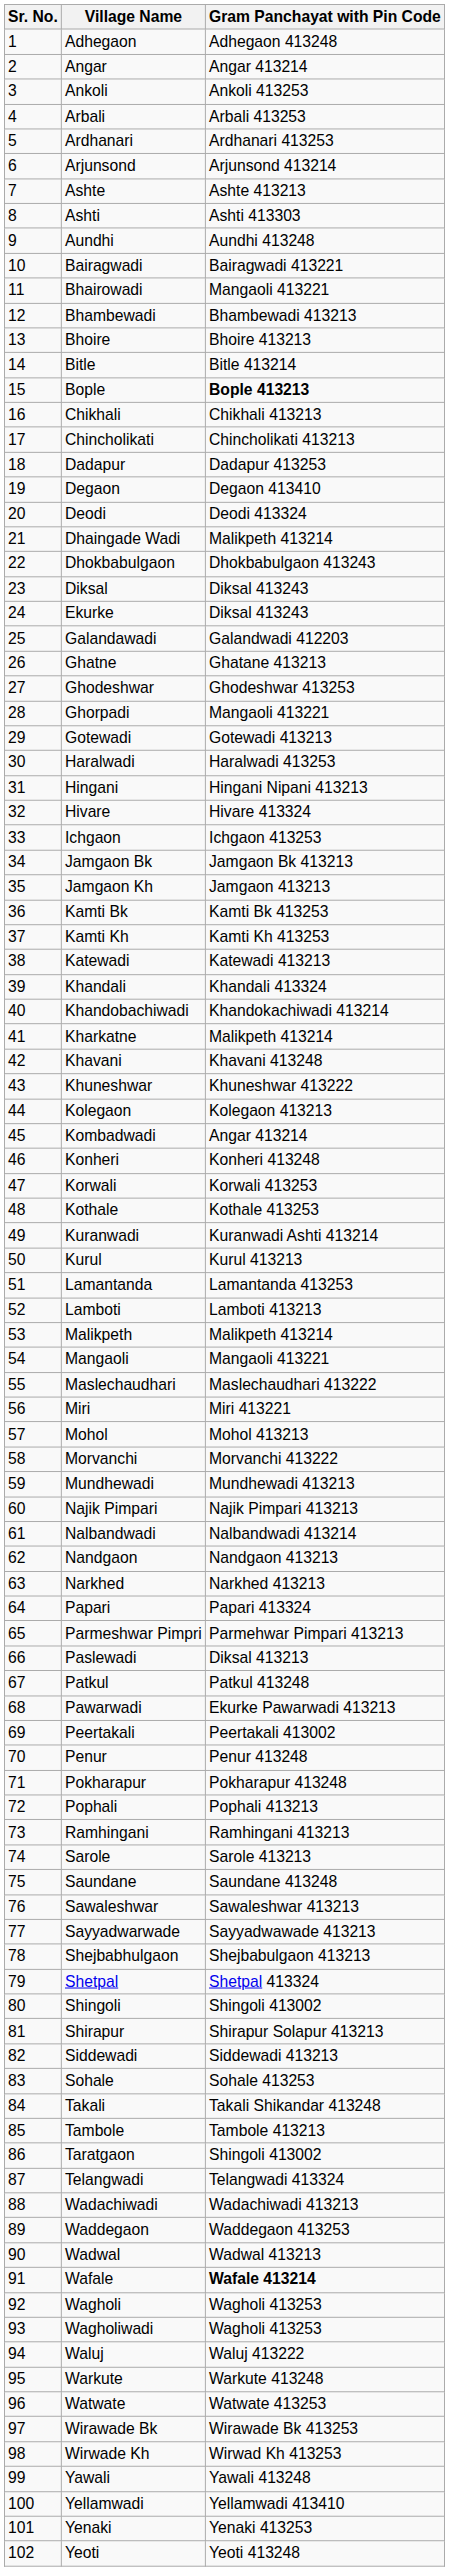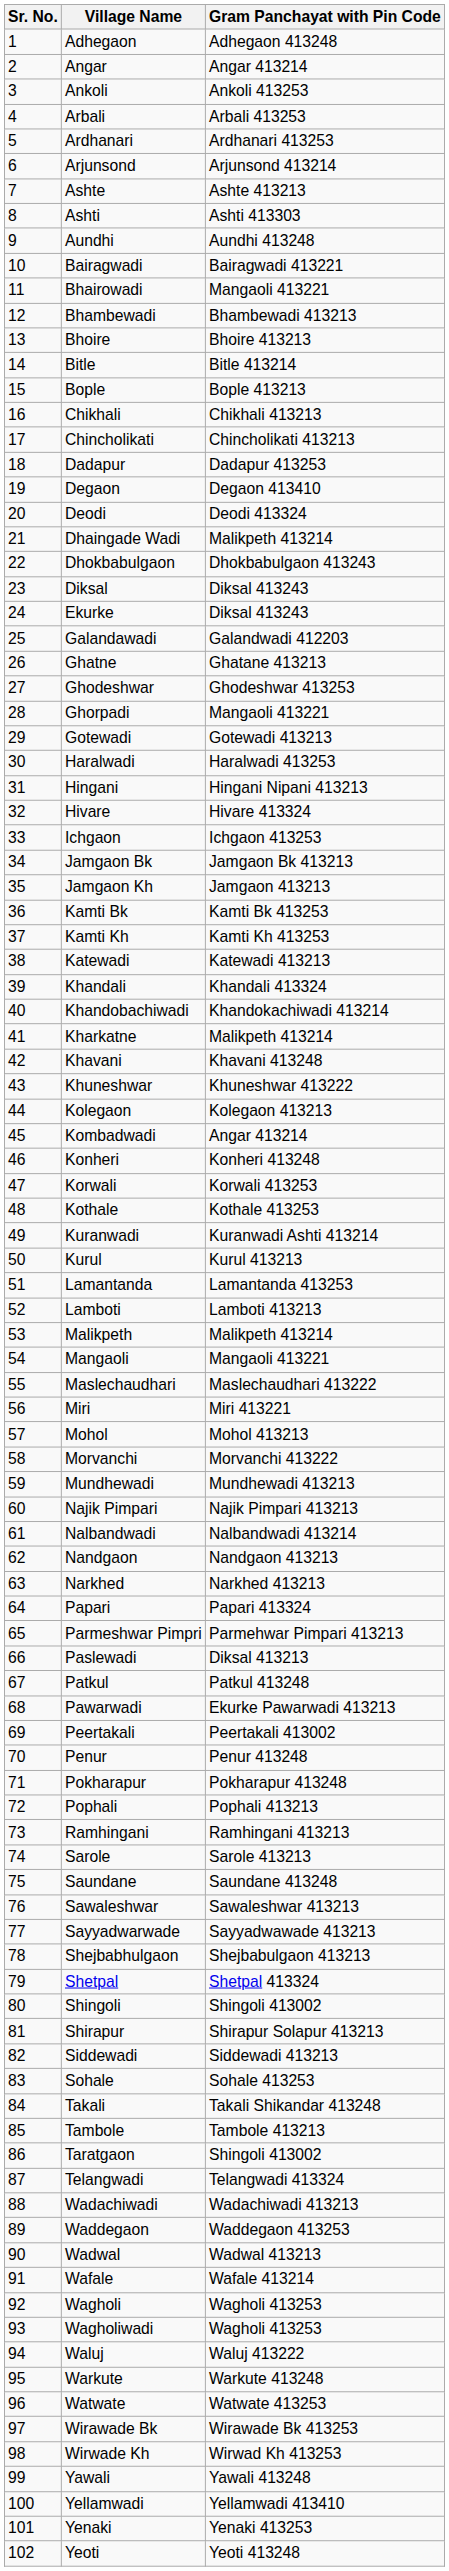 <table class="wikitable">
 <tr>
 <th>Sr. No.</th>
 <th>Village Name</th>
 <th>Gram Panchayat with Pin Code</th>
 </tr>
 <tr>
 <td>1</td>
 <td>Adhegaon</td>
 <td>Adhegaon 413248</td>
 </tr>
 <tr>
 <td>2</td>
 <td>Angar</td>
 <td>Angar 413214</td>
 </tr>
 <tr>
 <td>3</td>
 <td>Ankoli</td>
 <td>Ankoli 413253</td>
 </tr>
 <tr>
 <td>4</td>
 <td>Arbali</td>
 <td>Arbali 413253</td>
 </tr>
 <tr>
 <td>5</td>
 <td>Ardhanari</td>
 <td>Ardhanari 413253</td>
 </tr>
 <tr>
 <td>6</td>
 <td>Arjunsond</td>
 <td>Arjunsond 413214</td>
 </tr>
 <tr>
 <td>7</td>
 <td>Ashte</td>
 <td>Ashte 413213</td>
 </tr>
 <tr>
 <td>8</td>
 <td>Ashti</td>
 <td>Ashti 413303</td>
 </tr>
 <tr>
 <td>9</td>
 <td>Aundhi</td>
 <td>Aundhi 413248</td>
 </tr>
 <tr>
 <td>10</td>
 <td>Bairagwadi</td>
 <td>Bairagwadi 413221</td>
 </tr>
 <tr>
 <td>11</td>
 <td>Bhairowadi</td>
 <td>Mangaoli 413221</td>
 </tr>
 <tr>
 <td>12</td>
 <td>Bhambewadi</td>
 <td>Bhambewadi 413213</td>
 </tr>
 <tr>
 <td>13</td>
 <td>Bhoire</td>
 <td>Bhoire 413213</td>
 </tr>
 <tr>
 <td>14</td>
 <td>Bitle</td>
 <td>Bitle 413214</td>
 </tr>
 <tr>
 <td>15</td>
 <td>Bople</td>
-<td><strong>Bople 413213</strong></td>
+<td>Bople 413213</td>
 </tr>
 <tr>
 <td>16</td>
 <td>Chikhali</td>
 <td>Chikhali 413213</td>
 </tr>
 <tr>
 <td>17</td>
 <td>Chincholikati</td>
 <td>Chincholikati 413213</td>
 </tr>
 <tr>
 <td>18</td>
 <td>Dadapur</td>
 <td>Dadapur 413253</td>
 </tr>
 <tr>
 <td>19</td>
 <td>Degaon</td>
 <td>Degaon 413410</td>
 </tr>
 <tr>
 <td>20</td>
 <td>Deodi</td>
 <td>Deodi 413324</td>
 </tr>
 <tr>
 <td>21</td>
 <td>Dhaingade Wadi</td>
 <td>Malikpeth 413214</td>
 </tr>
 <tr>
 <td>22</td>
 <td>Dhokbabulgaon</td>
 <td>Dhokbabulgaon 413243</td>
 </tr>
 <tr>
 <td>23</td>
 <td>Diksal</td>
 <td>Diksal 413243</td>
 </tr>
 <tr>
 <td>24</td>
 <td>Ekurke</td>
 <td>Diksal 413243</td>
 </tr>
 <tr>
 <td>25</td>
 <td>Galandawadi</td>
 <td>Galandwadi 412203</td>
 </tr>
 <tr>
 <td>26</td>
 <td>Ghatne</td>
 <td>Ghatane 413213</td>
 </tr>
 <tr>
 <td>27</td>
 <td>Ghodeshwar</td>
 <td>Ghodeshwar 413253</td>
 </tr>
 <tr>
 <td>28</td>
 <td>Ghorpadi</td>
 <td>Mangaoli 413221</td>
 </tr>
 <tr>
 <td>29</td>
 <td>Gotewadi</td>
 <td>Gotewadi 413213</td>
 </tr>
 <tr>
 <td>30</td>
 <td>Haralwadi</td>
 <td>Haralwadi 413253</td>
 </tr>
 <tr>
 <td>31</td>
 <td>Hingani</td>
 <td>Hingani Nipani 413213</td>
 </tr>
 <tr>
 <td>32</td>
 <td>Hivare</td>
 <td>Hivare 413324</td>
 </tr>
 <tr>
 <td>33</td>
 <td>Ichgaon</td>
 <td>Ichgaon 413253</td>
 </tr>
 <tr>
 <td>34</td>
 <td>Jamgaon Bk</td>
 <td>Jamgaon Bk 413213</td>
 </tr>
 <tr>
 <td>35</td>
 <td>Jamgaon Kh</td>
 <td>Jamgaon 413213</td>
 </tr>
 <tr>
 <td>36</td>
 <td>Kamti Bk</td>
 <td>Kamti Bk 413253</td>
 </tr>
 <tr>
 <td>37</td>
 <td>Kamti Kh</td>
 <td>Kamti Kh 413253</td>
 </tr>
 <tr>
 <td>38</td>
 <td>Katewadi</td>
 <td>Katewadi 413213</td>
 </tr>
 <tr>
 <td>39</td>
 <td>Khandali</td>
 <td>Khandali 413324</td>
 </tr>
 <tr>
 <td>40</td>
 <td>Khandobachiwadi</td>
 <td>Khandokachiwadi 413214</td>
 </tr>
 <tr>
 <td>41</td>
 <td>Kharkatne</td>
 <td>Malikpeth 413214</td>
 </tr>
 <tr>
 <td>42</td>
 <td>Khavani</td>
 <td>Khavani 413248</td>
 </tr>
 <tr>
 <td>43</td>
 <td>Khuneshwar</td>
 <td>Khuneshwar 413222</td>
 </tr>
 <tr>
 <td>44</td>
 <td>Kolegaon</td>
 <td>Kolegaon 413213</td>
 </tr>
 <tr>
 <td>45</td>
 <td>Kombadwadi</td>
 <td>Angar 413214</td>
 </tr>
 <tr>
 <td>46</td>
 <td>Konheri</td>
 <td>Konheri 413248</td>
 </tr>
 <tr>
 <td>47</td>
 <td>Korwali</td>
 <td>Korwali 413253</td>
 </tr>
 <tr>
 <td>48</td>
 <td>Kothale</td>
 <td>Kothale 413253</td>
 </tr>
 <tr>
 <td>49</td>
 <td>Kuranwadi</td>
 <td>Kuranwadi Ashti 413214</td>
 </tr>
 <tr>
 <td>50</td>
 <td>Kurul</td>
 <td>Kurul 413213</td>
 </tr>
 <tr>
 <td>51</td>
 <td>Lamantanda</td>
 <td>Lamantanda 413253</td>
 </tr>
 <tr>
 <td>52</td>
 <td>Lamboti</td>
 <td>Lamboti 413213</td>
 </tr>
 <tr>
 <td>53</td>
 <td>Malikpeth</td>
 <td>Malikpeth 413214</td>
 </tr>
 <tr>
 <td>54</td>
 <td>Mangaoli</td>
 <td>Mangaoli 413221</td>
 </tr>
 <tr>
 <td>55</td>
 <td>Maslechaudhari</td>
 <td>Maslechaudhari 413222</td>
 </tr>
 <tr>
 <td>56</td>
 <td>Miri</td>
 <td>Miri 413221</td>
 </tr>
 <tr>
 <td>57</td>
 <td>Mohol</td>
 <td>Mohol 413213</td>
 </tr>
 <tr>
 <td>58</td>
 <td>Morvanchi</td>
 <td>Morvanchi 413222</td>
 </tr>
 <tr>
 <td>59</td>
 <td>Mundhewadi</td>
 <td>Mundhewadi 413213</td>
 </tr>
 <tr>
 <td>60</td>
 <td>Najik Pimpari</td>
 <td>Najik Pimpari 413213</td>
 </tr>
 <tr>
 <td>61</td>
 <td>Nalbandwadi</td>
 <td>Nalbandwadi 413214</td>
 </tr>
 <tr>
 <td>62</td>
 <td>Nandgaon</td>
 <td>Nandgaon 413213</td>
 </tr>
 <tr>
 <td>63</td>
 <td>Narkhed</td>
 <td>Narkhed 413213</td>
 </tr>
 <tr>
 <td>64</td>
 <td>Papari</td>
 <td>Papari 413324</td>
 </tr>
 <tr>
 <td>65</td>
 <td>Parmeshwar Pimpri</td>
 <td>Parmehwar Pimpari 413213</td>
 </tr>
 <tr>
 <td>66</td>
 <td>Paslewadi</td>
 <td>Diksal 413213</td>
 </tr>
 <tr>
 <td>67</td>
 <td>Patkul</td>
 <td>Patkul 413248</td>
 </tr>
 <tr>
 <td>68</td>
 <td>Pawarwadi</td>
 <td>Ekurke Pawarwadi 413213</td>
 </tr>
 <tr>
 <td>69</td>
 <td>Peertakali</td>
 <td>Peertakali 413002</td>
 </tr>
 <tr>
 <td>70</td>
 <td>Penur</td>
 <td>Penur 413248</td>
 </tr>
 <tr>
 <td>71</td>
 <td>Pokharapur</td>
 <td>Pokharapur 413248</td>
 </tr>
 <tr>
 <td>72</td>
 <td>Pophali</td>
 <td>Pophali 413213</td>
 </tr>
 <tr>
 <td>73</td>
 <td>Ramhingani</td>
 <td>Ramhingani 413213</td>
 </tr>
 <tr>
 <td>74</td>
 <td>Sarole</td>
 <td>Sarole 413213</td>
 </tr>
 <tr>
 <td>75</td>
 <td>Saundane</td>
 <td>Saundane 413248</td>
 </tr>
 <tr>
 <td>76</td>
 <td>Sawaleshwar</td>
 <td>Sawaleshwar 413213</td>
 </tr>
 <tr>
 <td>77</td>
 <td>Sayyadwarwade</td>
 <td>Sayyadwawade 413213</td>
 </tr>
 <tr>
 <td>78</td>
 <td>Shejbabhulgaon</td>
 <td>Shejbabulgaon 413213</td>
 </tr>
 <tr>
 <td>79</td>
 <td><a href='#'>Shetpal</a></td>
 <td><a href='#'>Shetpal</a> 413324</td>
 </tr>
 <tr>
 <td>80</td>
 <td>Shingoli</td>
 <td>Shingoli 413002</td>
 </tr>
 <tr>
 <td>81</td>
 <td>Shirapur</td>
 <td>Shirapur Solapur 413213</td>
 </tr>
 <tr>
 <td>82</td>
 <td>Siddewadi</td>
 <td>Siddewadi 413213</td>
 </tr>
 <tr>
 <td>83</td>
 <td>Sohale</td>
 <td>Sohale 413253</td>
 </tr>
 <tr>
 <td>84</td>
 <td>Takali</td>
 <td>Takali Shikandar 413248</td>
 </tr>
 <tr>
 <td>85</td>
 <td>Tambole</td>
 <td>Tambole 413213</td>
 </tr>
 <tr>
 <td>86</td>
 <td>Taratgaon</td>
 <td>Shingoli 413002</td>
 </tr>
 <tr>
 <td>87</td>
 <td>Telangwadi</td>
 <td>Telangwadi 413324</td>
 </tr>
 <tr>
 <td>88</td>
 <td>Wadachiwadi</td>
 <td>Wadachiwadi 413213</td>
 </tr>
 <tr>
 <td>89</td>
 <td>Waddegaon</td>
 <td>Waddegaon 413253</td>
 </tr>
 <tr>
 <td>90</td>
 <td>Wadwal</td>
 <td>Wadwal 413213</td>
 </tr>
 <tr>
 <td>91</td>
 <td>Wafale</td>
-<td><strong>Wafale 413214</strong></td>
+<td>Wafale 413214</td>
 </tr>
 <tr>
 <td>92</td>
 <td>Wagholi</td>
 <td>Wagholi 413253</td>
 </tr>
 <tr>
 <td>93</td>
 <td>Wagholiwadi</td>
 <td>Wagholi 413253</td>
 </tr>
 <tr>
 <td>94</td>
 <td>Waluj</td>
 <td>Waluj 413222</td>
 </tr>
 <tr>
 <td>95</td>
 <td>Warkute</td>
 <td>Warkute 413248</td>
 </tr>
 <tr>
 <td>96</td>
 <td>Watwate</td>
 <td>Watwate 413253</td>
 </tr>
 <tr>
 <td>97</td>
 <td>Wirawade Bk</td>
 <td>Wirawade Bk 413253</td>
 </tr>
 <tr>
 <td>98</td>
 <td>Wirwade Kh</td>
 <td>Wirwad Kh 413253</td>
 </tr>
 <tr>
 <td>99</td>
 <td>Yawali</td>
 <td>Yawali 413248</td>
 </tr>
 <tr>
 <td>100</td>
 <td>Yellamwadi</td>
 <td>Yellamwadi 413410</td>
 </tr>
 <tr>
 <td>101</td>
 <td>Yenaki</td>
 <td>Yenaki 413253</td>
 </tr>
 <tr>
 <td>102</td>
 <td>Yeoti</td>
 <td>Yeoti 413248</td>
 </tr>
 </table>
